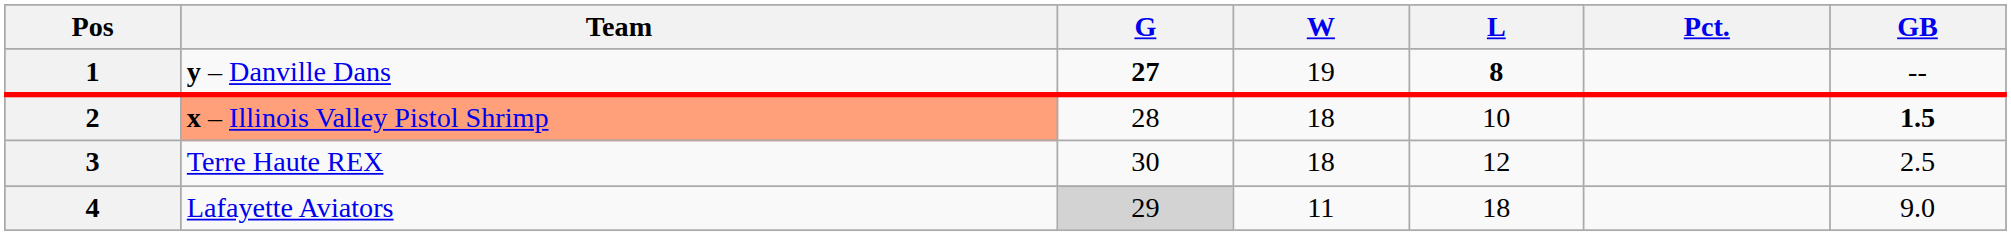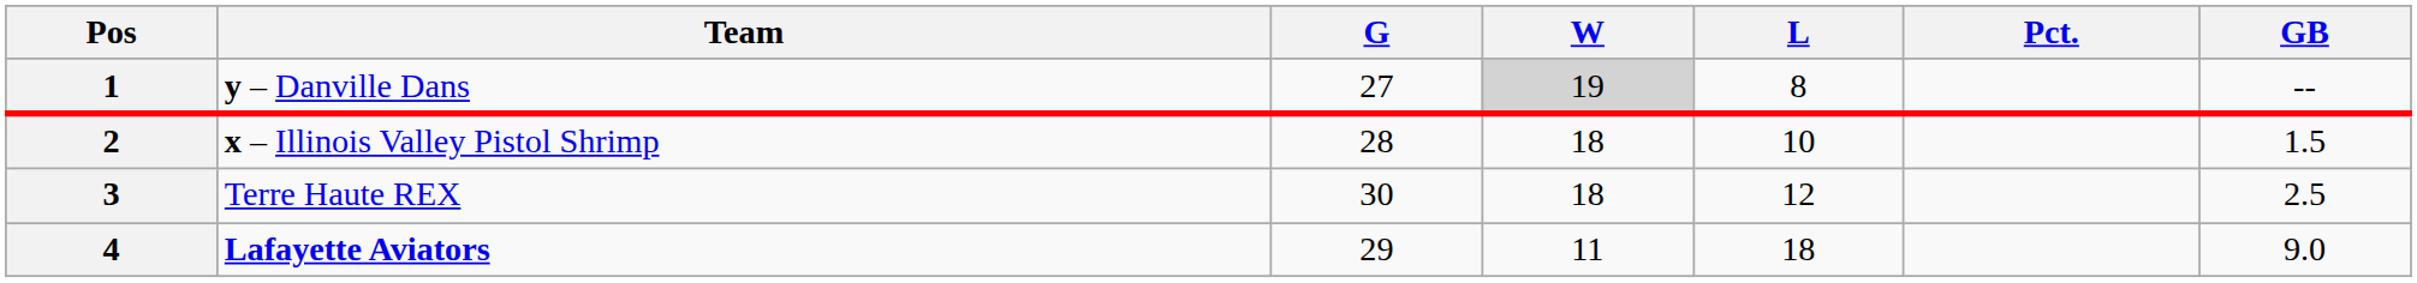 <table class="wikitable plainrowheaders" width="90%" style="text-align:center;">
 <tr>
 <th scope="col" width="5%">Pos</th>
 <th scope="col" width="25%">Team</th>
 <th scope="col" width="5%"><a href='#'>G</a></th>
 <th scope="col" width="5%"><a href='#'>W</a></th>
 <th scope="col" width="5%"><a href='#'>L</a></th>
 <th scope="col" width="7%"><a href='#'>Pct.</a></th>
 <th scope="col" width="5%"><a href='#'>GB</a></th>
 </tr>
 <tr>
 <th>1</th>
 <td style="text-align:left;"><strong>y</strong> – <a href='#'>Danville Dans</a></td>
-<td><strong>27</strong></td>
-<td>19</td>
-<td><strong>8</strong></td>
+<td>27</td>
+<td style="background: lightgrey;">19</td>
+<td>8</td>
 <td></td>
 <td>--</td>
 </tr>
 <tr>
 </tr>
 <tr |- style="border-top:3px solid red;">
 <th>2</th>
-<td style="background: lightsalmon; text-align:left;"><strong>x</strong> – <a href='#'>Illinois Valley Pistol Shrimp</a></td>
+<td style="text-align:left;"><strong>x</strong> – <a href='#'>Illinois Valley Pistol Shrimp</a></td>
 <td>28</td>
 <td>18</td>
 <td>10</td>
 <td></td>
-<td><strong>1.5</strong></td>
+<td>1.5</td>
 </tr>
 <tr>
 <th>3</th>
 <td style="text-align:left;"><a href='#'>Terre Haute REX</a></td>
 <td>30</td>
 <td>18</td>
 <td>12</td>
 <td></td>
 <td>2.5</td>
 </tr>
 <tr>
 <th>4</th>
-<td style="text-align:left;"><a href='#'>Lafayette Aviators</a></td>
-<td style="background: lightgrey;">29</td>
+<td style="text-align:left;"><strong><a href='#'>Lafayette Aviators</a></strong></td>
+<td>29</td>
 <td>11</td>
 <td>18</td>
 <td></td>
 <td>9.0</td>
 </tr>
 </table>
